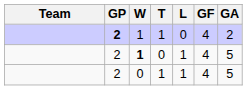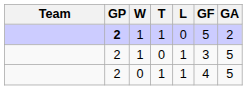 <table class="wikitable" style="text-align:center">
 <tr>
 <th width="120">Team</th>
 <th width="20">GP</th>
 <th width="20">W</th>
 <th width="20">T</th>
 <th width="20">L</th>
 <th width="20">GF</th>
 <th width="20">GA</th>
 </tr>
 <tr bgcolor="#ccccff">
 <td align=left></td>
 <td><strong>2</strong></td>
 <td>1</td>
 <td>1</td>
 <td>0</td>
-<td>4</td>
+<td>5</td>
 <td>2</td>
 </tr>
 <tr>
 <td align=left></td>
 <td>2</td>
-<td><strong>1</strong></td>
+<td>1</td>
 <td>0</td>
 <td>1</td>
-<td>4</td>
+<td>3</td>
 <td>5</td>
 </tr>
 <tr>
 <td align=left></td>
 <td>2</td>
 <td>0</td>
 <td>1</td>
 <td>1</td>
 <td>4</td>
 <td>5</td>
 </tr>
 </table>
